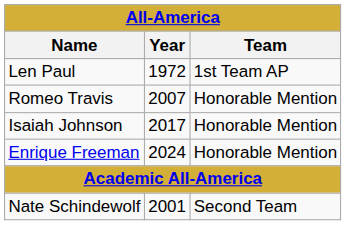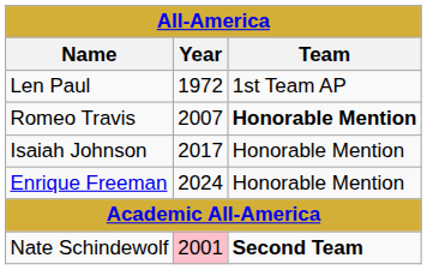 <table class="wikitable">
 <tr>
 <th colspan=3 style="background:#d4af37;"><a href='#'>All-America</a></th>
 </tr>
 <tr>
 <th>Name</th>
 <th>Year</th>
 <th>Team</th>
 </tr>
 <tr>
 <td>Len Paul</td>
 <td>1972</td>
 <td>1st Team AP</td>
 </tr>
 <tr>
 <td>Romeo Travis</td>
 <td>2007</td>
-<td>Honorable Mention</td>
+<td><strong>Honorable Mention</strong></td>
 </tr>
 <tr>
 <td>Isaiah Johnson</td>
 <td>2017</td>
 <td>Honorable Mention</td>
 </tr>
 <tr>
 <td><a href='#'>Enrique Freeman</a></td>
 <td>2024</td>
 <td>Honorable Mention</td>
 </tr>
 <tr>
 <th colspan=3 style="background:#d4af37;"><a href='#'>Academic All-America</a></th>
 </tr>
 <tr>
 <td>Nate Schindewolf</td>
-<td>2001</td>
-<td>Second Team</td>
+<td style="background: pink;">2001</td>
+<td><strong>Second Team</strong></td>
 </tr>
 </table>
